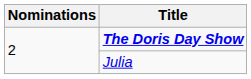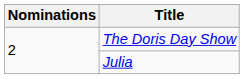 <table class="wikitable">
 <tr>
 <th>Nominations</th>
 <th>Title</th>
 </tr>
 <tr>
 <td rowspan="2">2</td>
-<td><strong><em><a href='#'>The Doris Day Show</a></em></strong></td>
+<td><em><a href='#'>The Doris Day Show</a></em></td>
 </tr>
 <tr>
 <td><em><a href='#'>Julia</a></em></td>
 </tr>
 </table>
